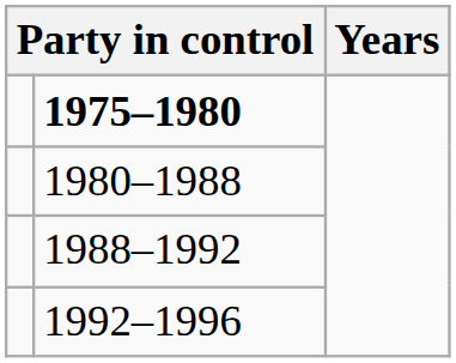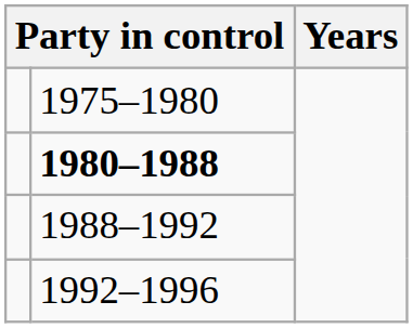 <table class="wikitable">
 <tr>
 <th colspan="2">Party in control</th>
 <th>Years</th>
 </tr>
 <tr>
 <td></td>
-<td><strong>1975–1980</strong></td>
+<td>1975–1980</td>
 </tr>
 <tr>
 <td></td>
-<td>1980–1988</td>
+<td><strong>1980–1988</strong></td>
 </tr>
 <tr>
 <td></td>
 <td>1988–1992</td>
 </tr>
 <tr>
 <td></td>
 <td>1992–1996</td>
 </tr>
 </table>
